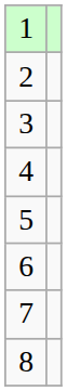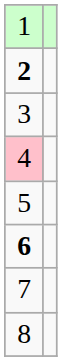 <table class="wikitable">
 <tr>
 <td bgcolor="#ccffcc" align=center width=15>1</td>
 <td bgcolor="#ccffcc"></td>
 </tr>
 <tr>
-<td align=center>2</td>
+<td align=center><strong>2</strong></td>
 <td></td>
 </tr>
 <tr>
 <td align=center>3</td>
 <td></td>
 </tr>
 <tr>
-<td align=center>4</td>
+<td align=center style="background: pink;">4</td>
 <td></td>
 </tr>
 <tr>
 <td align=center>5</td>
 <td></td>
 </tr>
 <tr>
-<td align=center>6</td>
+<td align=center><strong>6</strong></td>
 <td></td>
 </tr>
 <tr>
 <td align=center>7</td>
 <td></td>
 </tr>
 <tr>
 <td align=center>8</td>
 <td></td>
 </tr>
 </table>
